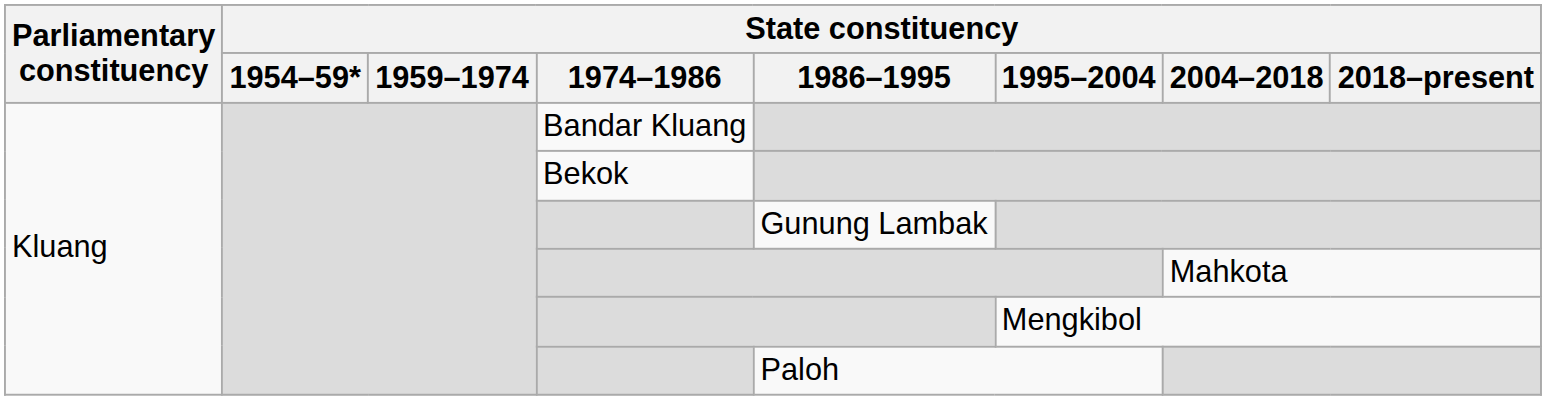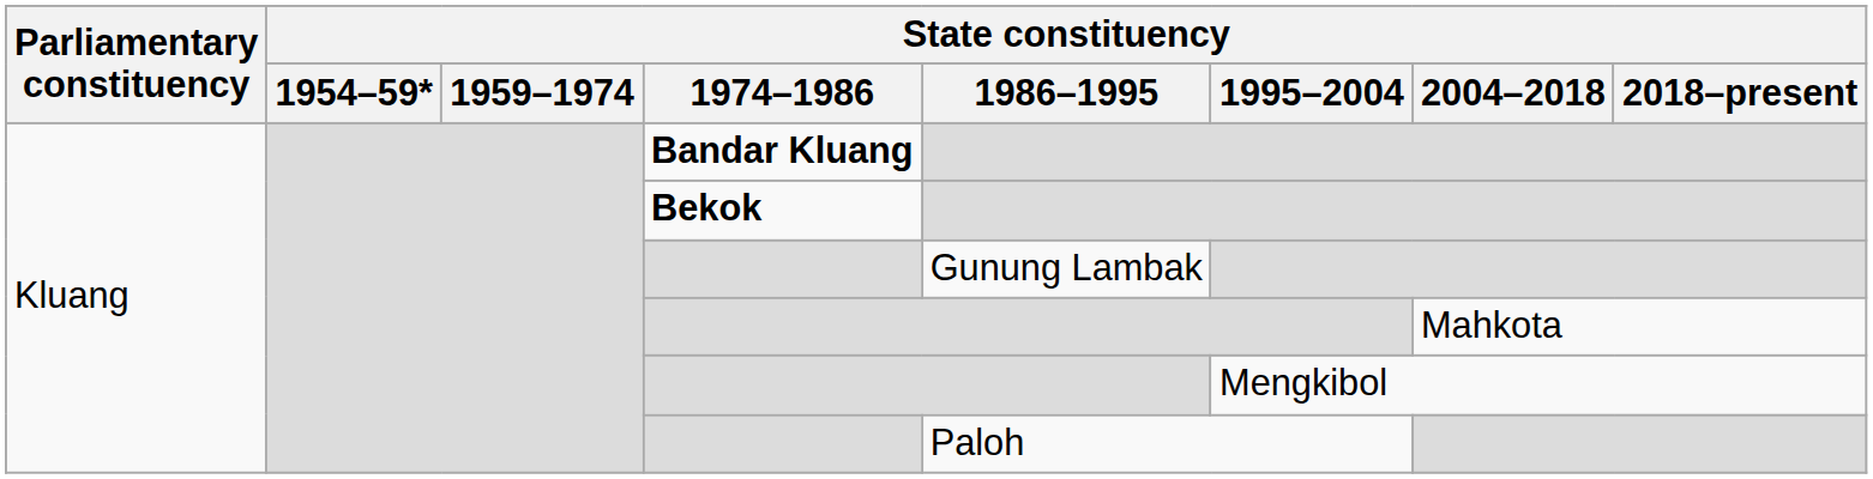 <table class="wikitable">
 <tr>
 <th rowspan="2">Parliamentary<br>constituency</th>
 <th colspan="7">State constituency</th>
 </tr>
 <tr>
 <th>1954–59*</th>
 <th>1959–1974</th>
 <th>1974–1986</th>
 <th>1986–1995</th>
 <th>1995–2004</th>
 <th>2004–2018</th>
 <th>2018–present</th>
 </tr>
 <tr>
 <td rowspan="6">Kluang</td>
 <td colspan="2" rowspan="6" bgcolor="dcdcdc"></td>
-<td>Bandar Kluang</td>
+<td><strong>Bandar Kluang</strong></td>
 <td colspan="4" bgcolor="dcdcdc"></td>
 </tr>
 <tr>
-<td>Bekok</td>
+<td><strong>Bekok</strong></td>
 <td colspan="4" bgcolor="dcdcdc"></td>
 </tr>
 <tr>
 <td bgcolor="dcdcdc"></td>
 <td>Gunung Lambak</td>
 <td colspan="3" bgcolor="dcdcdc"></td>
 </tr>
 <tr>
 <td colspan="3" bgcolor="dcdcdc"></td>
 <td colspan="2">Mahkota</td>
 </tr>
 <tr>
 <td colspan="2" bgcolor="dcdcdc"></td>
 <td colspan="3">Mengkibol</td>
 </tr>
 <tr>
 <td bgcolor="dcdcdc"></td>
 <td colspan="2">Paloh</td>
 <td colspan="2" bgcolor="dcdcdc"></td>
 </tr>
 </table>
